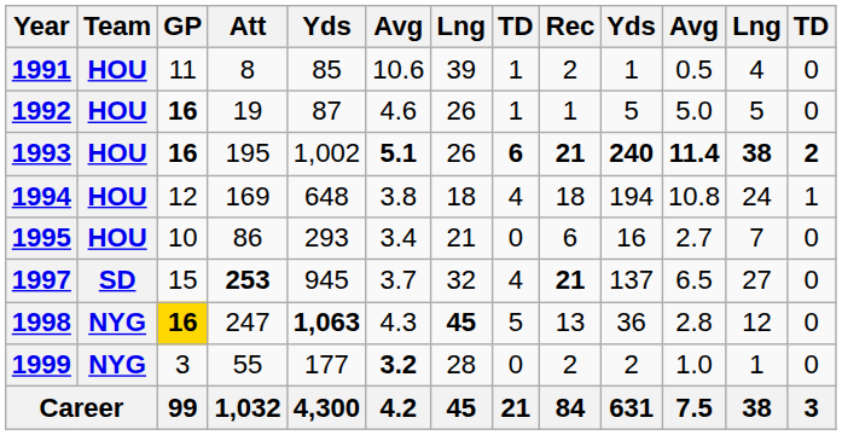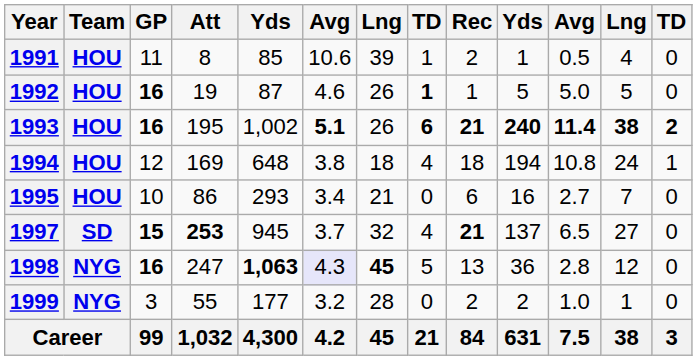 <table class="wikitable" style="text-align: center;">
 <tr>
 <th>Year</th>
 <th>Team</th>
 <th>GP</th>
 <th>Att</th>
 <th>Yds</th>
 <th>Avg</th>
 <th>Lng</th>
 <th>TD</th>
 <th>Rec</th>
 <th>Yds</th>
 <th>Avg</th>
 <th>Lng</th>
 <th>TD</th>
 </tr>
 <tr>
 <th><a href='#'>1991</a></th>
 <th><a href='#'>HOU</a></th>
 <td>11</td>
 <td>8</td>
 <td>85</td>
 <td>10.6</td>
 <td>39</td>
 <td>1</td>
 <td>2</td>
 <td>1</td>
 <td>0.5</td>
 <td>4</td>
 <td>0</td>
 </tr>
 <tr>
 <th><a href='#'>1992</a></th>
 <th><a href='#'>HOU</a></th>
 <td><strong>16</strong></td>
 <td>19</td>
 <td>87</td>
 <td>4.6</td>
 <td>26</td>
-<td>1</td>
+<td><strong>1</strong></td>
 <td>1</td>
 <td>5</td>
 <td>5.0</td>
 <td>5</td>
 <td>0</td>
 </tr>
 <tr>
 <th><a href='#'>1993</a></th>
 <th><a href='#'>HOU</a></th>
 <td><strong>16</strong></td>
 <td>195</td>
 <td>1,002</td>
 <td><strong>5.1</strong></td>
 <td>26</td>
 <td><strong>6</strong></td>
 <td><strong>21</strong></td>
 <td><strong>240</strong></td>
 <td><strong>11.4</strong></td>
 <td><strong>38</strong></td>
 <td><strong>2</strong></td>
 </tr>
 <tr>
 <th><a href='#'>1994</a></th>
 <th><a href='#'>HOU</a></th>
 <td>12</td>
 <td>169</td>
 <td>648</td>
 <td>3.8</td>
 <td>18</td>
 <td>4</td>
 <td>18</td>
 <td>194</td>
 <td>10.8</td>
 <td>24</td>
 <td>1</td>
 </tr>
 <tr>
 <th><a href='#'>1995</a></th>
 <th><a href='#'>HOU</a></th>
 <td>10</td>
 <td>86</td>
 <td>293</td>
 <td>3.4</td>
 <td>21</td>
 <td>0</td>
 <td>6</td>
 <td>16</td>
 <td>2.7</td>
 <td>7</td>
 <td>0</td>
 </tr>
 <tr>
 <th><a href='#'>1997</a></th>
 <th><a href='#'>SD</a></th>
-<td>15</td>
+<td><strong>15</strong></td>
 <td><strong>253</strong></td>
 <td>945</td>
 <td>3.7</td>
 <td>32</td>
 <td>4</td>
 <td><strong>21</strong></td>
 <td>137</td>
 <td>6.5</td>
 <td>27</td>
 <td>0</td>
 </tr>
 <tr>
 <th><a href='#'>1998</a></th>
 <th><a href='#'>NYG</a></th>
-<td style="background: gold;"><strong>16</strong></td>
+<td><strong>16</strong></td>
 <td>247</td>
 <td><strong>1,063</strong></td>
-<td>4.3</td>
+<td style="background: lavender;">4.3</td>
 <td><strong>45</strong></td>
 <td>5</td>
 <td>13</td>
 <td>36</td>
 <td>2.8</td>
 <td>12</td>
 <td>0</td>
 </tr>
 <tr>
 <th><a href='#'>1999</a></th>
 <th><a href='#'>NYG</a></th>
 <td>3</td>
 <td>55</td>
 <td>177</td>
-<td><strong>3.2</strong></td>
+<td>3.2</td>
 <td>28</td>
 <td>0</td>
 <td>2</td>
 <td>2</td>
 <td>1.0</td>
 <td>1</td>
 <td>0</td>
 </tr>
 <tr>
 <th colspan="2">Career</th>
 <th>99</th>
 <th>1,032</th>
 <th>4,300</th>
 <th>4.2</th>
 <th>45</th>
 <th>21</th>
 <th>84</th>
 <th>631</th>
 <th>7.5</th>
 <th>38</th>
 <th>3</th>
 </tr>
 </table>
